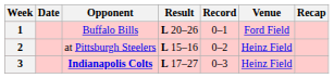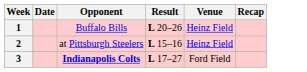 <table class="wikitable" style="text-align:center">
 <tr>
 <th>Week</th>
 <th>Date</th>
 <th>Opponent</th>
 <th>Result</th>
-<th>Record</th>
 <th>Venue</th>
 <th>Recap</th>
 </tr>
 <tr style="background:#fcc">
 <th>1</th>
 <td></td>
 <td><a href='#'>Buffalo Bills</a></td>
 <td><strong>L</strong> 20–26</td>
-<td>0–1</td>
-<td><a href='#'>Ford Field</a></td>
+<td><a href='#'>Heinz Field</a></td>
 <td></td>
 </tr>
 <tr style="background:#fcc">
 <th>2</th>
 <td></td>
 <td>at <a href='#'>Pittsburgh Steelers</a></td>
 <td><strong>L</strong> 15–16</td>
-<td>0–2</td>
 <td><a href='#'>Heinz Field</a></td>
 <td></td>
 </tr>
 <tr style="background:#fcc">
 <th>3</th>
 <td></td>
 <td><strong><a href='#'>Indianapolis Colts</a></strong></td>
 <td><strong>L</strong> 17–27</td>
-<td>0–3</td>
-<td><a href='#'>Heinz Field</a></td>
+<td>Ford Field</td>
 <td></td>
 </tr>
 </table>
